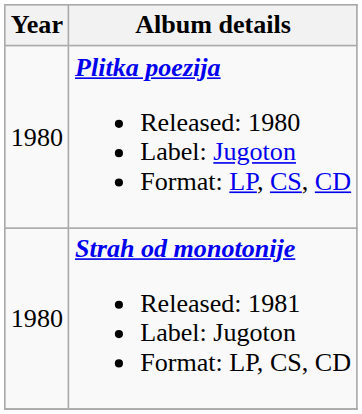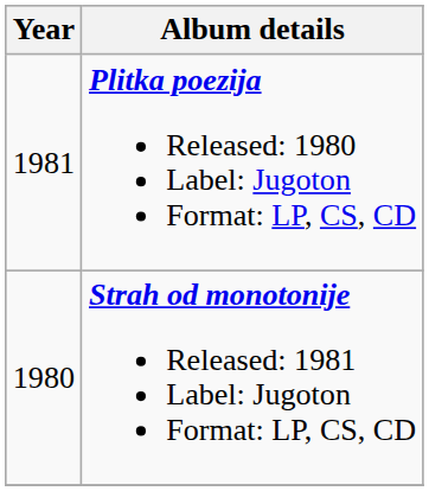 <table class ="wikitable">
 <tr>
 <th>Year</th>
 <th>Album details</th>
 </tr>
 <tr>
-<td align="center" rowspan="1">1980</td>
+<td align="center" rowspan="1">1981</td>
 <td><strong><em><a href='#'>Plitka poezija</a></em></strong><br><ul><li>Released: 1980</li><li>Label: <a href='#'>Jugoton</a></li><li>Format: <a href='#'>LP</a>, <a href='#'>CS</a>, <a href='#'>CD</a></li></ul></td>
 </tr>
 <tr>
 <td align="center" rowspan="1">1980</td>
 <td><strong><em><a href='#'>Strah od monotonije</a></em></strong><br><ul><li>Released: 1981</li><li>Label: Jugoton</li><li>Format: LP, CS, CD</li></ul></td>
 </tr>
 <tr>
 </tr>
 </table>
